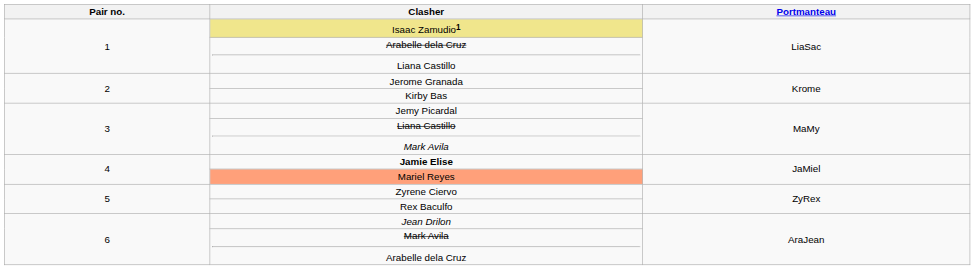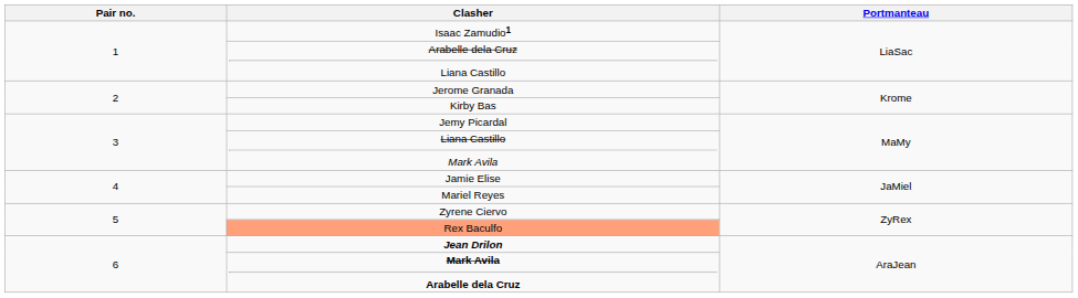 <table class="wikitable collapsible collapsed" style="text-align:center; line-height:17px; width:100%;">
 <tr>
 <th>Pair no.</th>
 <th>Clasher</th>
 <th><a href='#'>Portmanteau</a></th>
 </tr>
 <tr>
 <td rowspan="2">1</td>
-<td style="background: khaki;">Isaac Zamudio<sup><strong>1</strong></sup></td>
+<td>Isaac Zamudio<sup><strong>1</strong></sup></td>
 <td rowspan="2">LiaSac</td>
 </tr>
 <tr>
 <td><s>Arabelle dela Cruz</s><hr>Liana Castillo</td>
 </tr>
 <tr>
 <td rowspan="2">2</td>
 <td>Jerome Granada</td>
 <td rowspan="2">Krome</td>
 </tr>
 <tr>
 <td>Kirby Bas</td>
 </tr>
 <tr>
 <td rowspan="2">3</td>
 <td>Jemy Picardal</td>
 <td rowspan="2">MaMy</td>
 </tr>
 <tr>
 <td><s>Liana Castillo</s><hr><em>Mark Avila</em></td>
 </tr>
 <tr>
 <td rowspan="2">4</td>
-<td><strong>Jamie Elise</strong></td>
+<td>Jamie Elise</td>
 <td rowspan="2">JaMiel</td>
 </tr>
 <tr>
-<td style="background: lightsalmon;">Mariel Reyes</td>
+<td>Mariel Reyes</td>
 </tr>
 <tr>
 <td rowspan="2">5</td>
 <td>Zyrene Ciervo</td>
 <td rowspan="2">ZyRex</td>
 </tr>
 <tr>
-<td>Rex Baculfo</td>
+<td style="background: lightsalmon;">Rex Baculfo</td>
 </tr>
 <tr>
 <td rowspan="2">6</td>
-<td><em>Jean Drilon</em></td>
+<td><strong><em>Jean Drilon</em></strong></td>
 <td rowspan="2">AraJean</td>
 </tr>
 <tr>
-<td><s>Mark Avila</s><hr>Arabelle dela Cruz</td>
+<td><strong><s>Mark Avila</s><hr>Arabelle dela Cruz</strong></td>
 </tr>
 </table>
